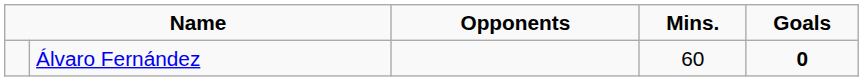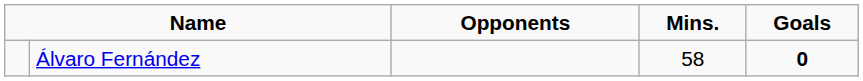 <table class= width=90% border="2" cellpadding="4" cellspacing="0" style="text-align=center: 1em 1em 1em 0; background: #f9f9f9; border: 1px #aaa solid; border-collapse: collapse; font-size: 95%;">
 <tr>
 <th width=25% colspan=2>Name</th>
 <th width=16%>Opponents</th>
 <th width=6%>Mins.</th>
 <th width=6%>Goals</th>
 </tr>
 <tr>
 <td align=center></td>
 <td><a href='#'>Álvaro Fernández</a></td>
 <td></td>
-<td align=center>60</td>
+<td align=center>58</td>
 <td align=center><strong>0</strong></td>
 </tr>
 </table>
